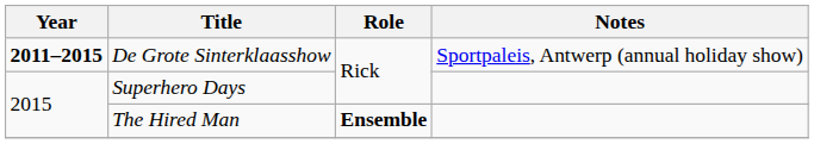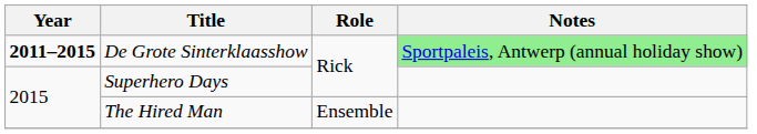 <table class="wikitable sortable">
 <tr>
 <th>Year</th>
 <th>Title</th>
 <th>Role</th>
 <th class="unsortable">Notes</th>
 </tr>
 <tr>
 <td><strong>2011–2015</strong></td>
 <td><em>De Grote Sinterklaasshow</em></td>
 <td rowspan="2">Rick</td>
-<td><a href='#'>Sportpaleis</a>, Antwerp (annual holiday show)</td>
+<td style="background: lightgreen;"><a href='#'>Sportpaleis</a>, Antwerp (annual holiday show)</td>
 </tr>
 <tr>
 <td rowspan="2">2015</td>
 <td><em>Superhero Days</em></td>
 <td></td>
 </tr>
 <tr>
 <td><em>The Hired Man</em></td>
-<td><strong>Ensemble</strong></td>
+<td>Ensemble</td>
 <td></td>
 </tr>
 <tr>
 </tr>
 </table>
